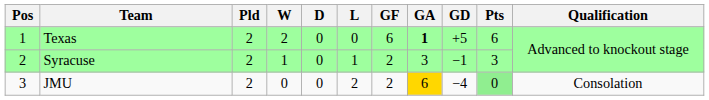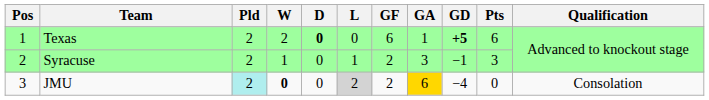 <table class="wikitable" style="text-align:center; margin: 1em auto">
 <tr>
 <th style=width:2em>Pos</th>
 <th style=width:13em>Team</th>
 <th style=width:2em>Pld</th>
 <th style=width:2em>W</th>
 <th style=width:2em>D</th>
 <th style=width:2em>L</th>
 <th style=width:2em>GF</th>
 <th style=width:2em>GA</th>
 <th style=width:2em>GD</th>
 <th style=width:2em>Pts</th>
 <th style=width:13em>Qualification</th>
 </tr>
 <tr bgcolor="#9eff9e">
 <td>1</td>
 <td style="text-align:left">Texas</td>
 <td>2</td>
 <td>2</td>
-<td>0</td>
+<td><strong>0</strong></td>
 <td>0</td>
 <td>6</td>
-<td><strong>1</strong></td>
-<td>+5</td>
+<td>1</td>
+<td><strong>+5</strong></td>
 <td>6</td>
 <td rowspan="2">Advanced to knockout stage</td>
 </tr>
 <tr bgcolor="#9eff9e">
 <td>2</td>
 <td style="text-align:left">Syracuse</td>
 <td>2</td>
 <td>1</td>
 <td>0</td>
 <td>1</td>
 <td>2</td>
 <td>3</td>
 <td>−1</td>
 <td>3</td>
 </tr>
 <tr>
 <td>3</td>
 <td style="text-align:left">JMU</td>
-<td>2</td>
+<td style="background: paleturquoise;">2</td>
+<td><strong>0</strong></td>
 <td>0</td>
-<td>0</td>
-<td>2</td>
+<td style="background: lightgrey;">2</td>
 <td>2</td>
 <td style="background: gold;">6</td>
 <td>−4</td>
-<td style="background: lightgreen;">0</td>
+<td>0</td>
 <td>Consolation</td>
 </tr>
 </table>
